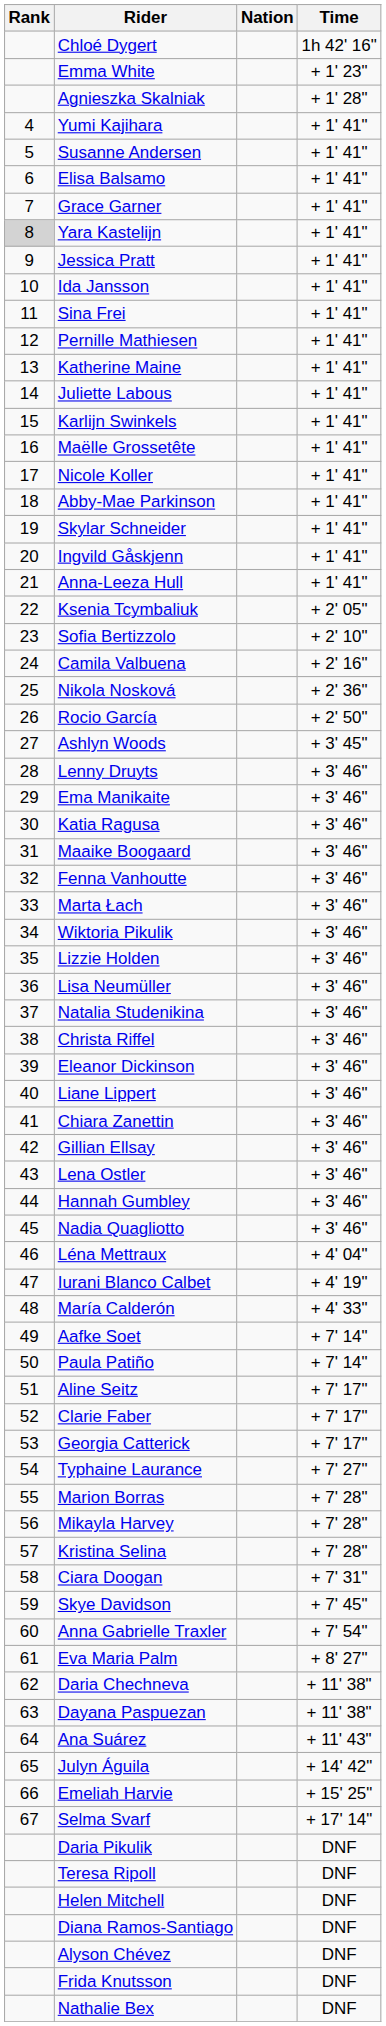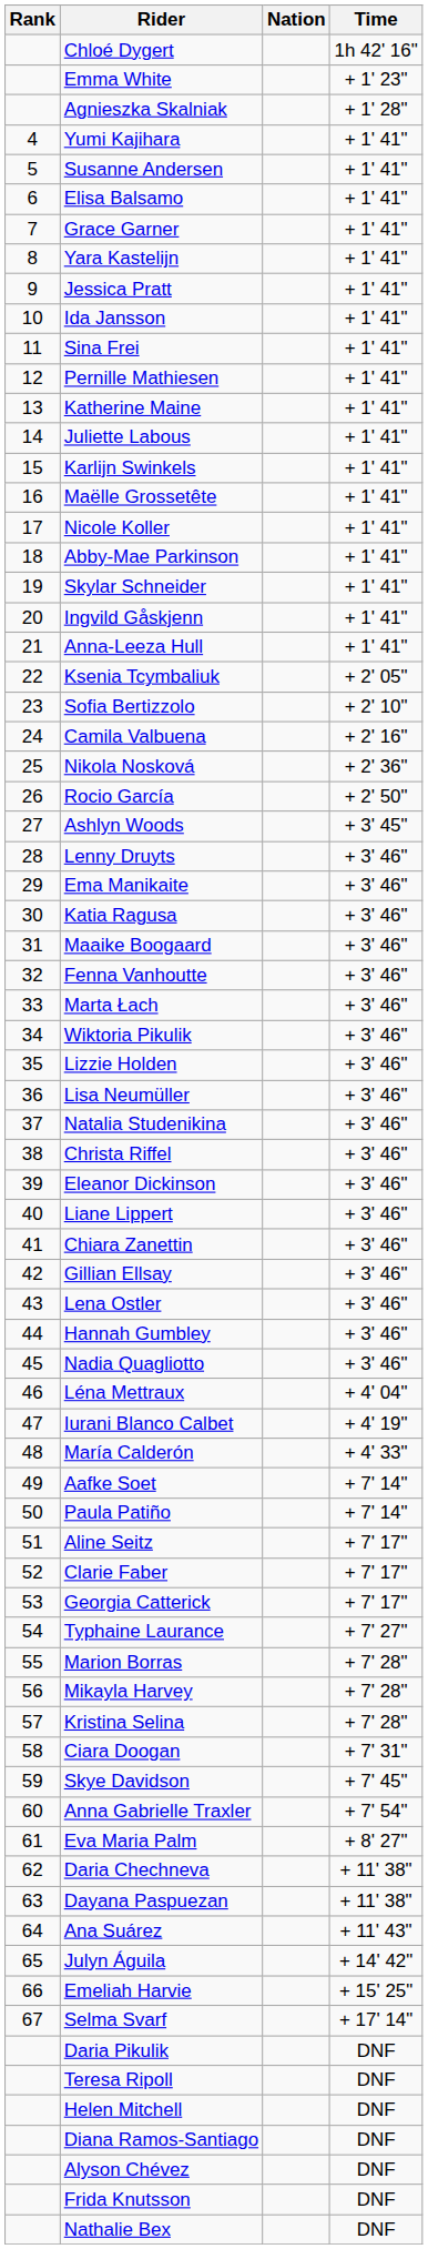 <table class="wikitable">
 <tr>
 <th>Rank</th>
 <th>Rider</th>
 <th>Nation</th>
 <th>Time</th>
 </tr>
 <tr>
 <td align="center"></td>
 <td><a href='#'>Chloé Dygert</a></td>
 <td></td>
 <td align="center">1h 42' 16"</td>
 </tr>
 <tr>
 <td align="center"></td>
 <td><a href='#'>Emma White</a></td>
 <td></td>
 <td align="center">+ 1' 23"</td>
 </tr>
 <tr>
 <td align="center"></td>
 <td><a href='#'>Agnieszka Skalniak</a></td>
 <td></td>
 <td align="center">+ 1' 28"</td>
 </tr>
 <tr>
 <td align="center">4</td>
 <td><a href='#'>Yumi Kajihara</a></td>
 <td></td>
 <td align="center">+ 1' 41"</td>
 </tr>
 <tr>
 <td align="center">5</td>
 <td><a href='#'>Susanne Andersen</a></td>
 <td></td>
 <td align="center">+ 1' 41"</td>
 </tr>
 <tr>
 <td align="center">6</td>
 <td><a href='#'>Elisa Balsamo</a></td>
 <td></td>
 <td align="center">+ 1' 41"</td>
 </tr>
 <tr>
 <td align="center">7</td>
 <td><a href='#'>Grace Garner</a></td>
 <td></td>
 <td align="center">+ 1' 41"</td>
 </tr>
 <tr>
-<td align="center" style="background: lightgrey;">8</td>
+<td align="center">8</td>
 <td><a href='#'>Yara Kastelijn</a></td>
 <td></td>
 <td align="center">+ 1' 41"</td>
 </tr>
 <tr>
 <td align="center">9</td>
 <td><a href='#'>Jessica Pratt</a></td>
 <td></td>
 <td align="center">+ 1' 41"</td>
 </tr>
 <tr>
 <td align="center">10</td>
 <td><a href='#'>Ida Jansson</a></td>
 <td></td>
 <td align="center">+ 1' 41"</td>
 </tr>
 <tr>
 <td align="center">11</td>
 <td><a href='#'>Sina Frei</a></td>
 <td></td>
 <td align="center">+ 1' 41"</td>
 </tr>
 <tr>
 <td align="center">12</td>
 <td><a href='#'>Pernille Mathiesen</a></td>
 <td></td>
 <td align="center">+ 1' 41"</td>
 </tr>
 <tr>
 <td align="center">13</td>
 <td><a href='#'>Katherine Maine</a></td>
 <td></td>
 <td align="center">+ 1' 41"</td>
 </tr>
 <tr>
 <td align="center">14</td>
 <td><a href='#'>Juliette Labous</a></td>
 <td></td>
 <td align="center">+ 1' 41"</td>
 </tr>
 <tr>
 <td align="center">15</td>
 <td><a href='#'>Karlijn Swinkels</a></td>
 <td></td>
 <td align="center">+ 1' 41"</td>
 </tr>
 <tr>
 <td align="center">16</td>
 <td><a href='#'>Maëlle Grossetête</a></td>
 <td></td>
 <td align="center">+ 1' 41"</td>
 </tr>
 <tr>
 <td align="center">17</td>
 <td><a href='#'>Nicole Koller</a></td>
 <td></td>
 <td align="center">+ 1' 41"</td>
 </tr>
 <tr>
 <td align="center">18</td>
 <td><a href='#'>Abby-Mae Parkinson</a></td>
 <td></td>
 <td align="center">+ 1' 41"</td>
 </tr>
 <tr>
 <td align="center">19</td>
 <td><a href='#'>Skylar Schneider</a></td>
 <td></td>
 <td align="center">+ 1' 41"</td>
 </tr>
 <tr>
 <td align="center">20</td>
 <td><a href='#'>Ingvild Gåskjenn</a></td>
 <td></td>
 <td align="center">+ 1' 41"</td>
 </tr>
 <tr>
 <td align="center">21</td>
 <td><a href='#'>Anna-Leeza Hull</a></td>
 <td></td>
 <td align="center">+ 1' 41"</td>
 </tr>
 <tr>
 <td align="center">22</td>
 <td><a href='#'>Ksenia Tcymbaliuk</a></td>
 <td></td>
 <td align="center">+ 2' 05"</td>
 </tr>
 <tr>
 <td align="center">23</td>
 <td><a href='#'>Sofia Bertizzolo</a></td>
 <td></td>
 <td align="center">+ 2' 10"</td>
 </tr>
 <tr>
 <td align="center">24</td>
 <td><a href='#'>Camila Valbuena</a></td>
 <td></td>
 <td align="center">+ 2' 16"</td>
 </tr>
 <tr>
 <td align="center">25</td>
 <td><a href='#'>Nikola Nosková</a></td>
 <td></td>
 <td align="center">+ 2' 36"</td>
 </tr>
 <tr>
 <td align="center">26</td>
 <td><a href='#'>Rocio García</a></td>
 <td></td>
 <td align="center">+ 2' 50"</td>
 </tr>
 <tr>
 <td align="center">27</td>
 <td><a href='#'>Ashlyn Woods</a></td>
 <td></td>
 <td align="center">+ 3' 45"</td>
 </tr>
 <tr>
 <td align="center">28</td>
 <td><a href='#'>Lenny Druyts</a></td>
 <td></td>
 <td align="center">+ 3' 46"</td>
 </tr>
 <tr>
 <td align="center">29</td>
 <td><a href='#'>Ema Manikaite</a></td>
 <td></td>
 <td align="center">+ 3' 46"</td>
 </tr>
 <tr>
 <td align="center">30</td>
 <td><a href='#'>Katia Ragusa</a></td>
 <td></td>
 <td align="center">+ 3' 46"</td>
 </tr>
 <tr>
 <td align="center">31</td>
 <td><a href='#'>Maaike Boogaard</a></td>
 <td></td>
 <td align="center">+ 3' 46"</td>
 </tr>
 <tr>
 <td align="center">32</td>
 <td><a href='#'>Fenna Vanhoutte</a></td>
 <td></td>
 <td align="center">+ 3' 46"</td>
 </tr>
 <tr>
 <td align="center">33</td>
 <td><a href='#'>Marta Łach</a></td>
 <td></td>
 <td align="center">+ 3' 46"</td>
 </tr>
 <tr>
 <td align="center">34</td>
 <td><a href='#'>Wiktoria Pikulik</a></td>
 <td></td>
 <td align="center">+ 3' 46"</td>
 </tr>
 <tr>
 <td align="center">35</td>
 <td><a href='#'>Lizzie Holden</a></td>
 <td></td>
 <td align="center">+ 3' 46"</td>
 </tr>
 <tr>
 <td align="center">36</td>
 <td><a href='#'>Lisa Neumüller</a></td>
 <td></td>
 <td align="center">+ 3' 46"</td>
 </tr>
 <tr>
 <td align="center">37</td>
 <td><a href='#'>Natalia Studenikina</a></td>
 <td></td>
 <td align="center">+ 3' 46"</td>
 </tr>
 <tr>
 <td align="center">38</td>
 <td><a href='#'>Christa Riffel</a></td>
 <td></td>
 <td align="center">+ 3' 46"</td>
 </tr>
 <tr>
 <td align="center">39</td>
 <td><a href='#'>Eleanor Dickinson</a></td>
 <td></td>
 <td align="center">+ 3' 46"</td>
 </tr>
 <tr>
 <td align="center">40</td>
 <td><a href='#'>Liane Lippert</a></td>
 <td></td>
 <td align="center">+ 3' 46"</td>
 </tr>
 <tr>
 <td align="center">41</td>
 <td><a href='#'>Chiara Zanettin</a></td>
 <td></td>
 <td align="center">+ 3' 46"</td>
 </tr>
 <tr>
 <td align="center">42</td>
 <td><a href='#'>Gillian Ellsay</a></td>
 <td></td>
 <td align="center">+ 3' 46"</td>
 </tr>
 <tr>
 <td align="center">43</td>
 <td><a href='#'>Lena Ostler</a></td>
 <td></td>
 <td align="center">+ 3' 46"</td>
 </tr>
 <tr>
 <td align="center">44</td>
 <td><a href='#'>Hannah Gumbley</a></td>
 <td></td>
 <td align="center">+ 3' 46"</td>
 </tr>
 <tr>
 <td align="center">45</td>
 <td><a href='#'>Nadia Quagliotto</a></td>
 <td></td>
 <td align="center">+ 3' 46"</td>
 </tr>
 <tr>
 <td align="center">46</td>
 <td><a href='#'>Léna Mettraux</a></td>
 <td></td>
 <td align="center">+ 4' 04"</td>
 </tr>
 <tr>
 <td align="center">47</td>
 <td><a href='#'>Iurani Blanco Calbet</a></td>
 <td></td>
 <td align="center">+ 4' 19"</td>
 </tr>
 <tr>
 <td align="center">48</td>
 <td><a href='#'>María Calderón</a></td>
 <td></td>
 <td align="center">+ 4' 33"</td>
 </tr>
 <tr>
 <td align="center">49</td>
 <td><a href='#'>Aafke Soet</a></td>
 <td></td>
 <td align="center">+ 7' 14"</td>
 </tr>
 <tr>
 <td align="center">50</td>
 <td><a href='#'>Paula Patiño</a></td>
 <td></td>
 <td align="center">+ 7' 14"</td>
 </tr>
 <tr>
 <td align="center">51</td>
 <td><a href='#'>Aline Seitz</a></td>
 <td></td>
 <td align="center">+ 7' 17"</td>
 </tr>
 <tr>
 <td align="center">52</td>
 <td><a href='#'>Clarie Faber</a></td>
 <td></td>
 <td align="center">+ 7' 17"</td>
 </tr>
 <tr>
 <td align="center">53</td>
 <td><a href='#'>Georgia Catterick</a></td>
 <td></td>
 <td align="center">+ 7' 17"</td>
 </tr>
 <tr>
 <td align="center">54</td>
 <td><a href='#'>Typhaine Laurance</a></td>
 <td></td>
 <td align="center">+ 7' 27"</td>
 </tr>
 <tr>
 <td align="center">55</td>
 <td><a href='#'>Marion Borras</a></td>
 <td></td>
 <td align="center">+ 7' 28"</td>
 </tr>
 <tr>
 <td align="center">56</td>
 <td><a href='#'>Mikayla Harvey</a></td>
 <td></td>
 <td align="center">+ 7' 28"</td>
 </tr>
 <tr>
 <td align="center">57</td>
 <td><a href='#'>Kristina Selina</a></td>
 <td></td>
 <td align="center">+ 7' 28"</td>
 </tr>
 <tr>
 <td align="center">58</td>
 <td><a href='#'>Ciara Doogan</a></td>
 <td></td>
 <td align="center">+ 7' 31"</td>
 </tr>
 <tr>
 <td align="center">59</td>
 <td><a href='#'>Skye Davidson</a></td>
 <td></td>
 <td align="center">+ 7' 45"</td>
 </tr>
 <tr>
 <td align="center">60</td>
 <td><a href='#'>Anna Gabrielle Traxler</a></td>
 <td></td>
 <td align="center">+ 7' 54"</td>
 </tr>
 <tr>
 <td align="center">61</td>
 <td><a href='#'>Eva Maria Palm</a></td>
 <td></td>
 <td align="center">+ 8' 27"</td>
 </tr>
 <tr>
 <td align="center">62</td>
 <td><a href='#'>Daria Chechneva</a></td>
 <td></td>
 <td align="center">+ 11' 38"</td>
 </tr>
 <tr>
 <td align="center">63</td>
 <td><a href='#'>Dayana Paspuezan</a></td>
 <td></td>
 <td align="center">+ 11' 38"</td>
 </tr>
 <tr>
 <td align="center">64</td>
 <td><a href='#'>Ana Suárez</a></td>
 <td></td>
 <td align="center">+ 11' 43"</td>
 </tr>
 <tr>
 <td align="center">65</td>
 <td><a href='#'>Julyn Águila</a></td>
 <td></td>
 <td align="center">+ 14' 42"</td>
 </tr>
 <tr>
 <td align="center">66</td>
 <td><a href='#'>Emeliah Harvie</a></td>
 <td></td>
 <td align="center">+ 15' 25"</td>
 </tr>
 <tr>
 <td align="center">67</td>
 <td><a href='#'>Selma Svarf</a></td>
 <td></td>
 <td align="center">+ 17' 14"</td>
 </tr>
 <tr>
 <td align="center"></td>
 <td><a href='#'>Daria Pikulik</a></td>
 <td></td>
 <td align="center">DNF</td>
 </tr>
 <tr>
 <td align="center"></td>
 <td><a href='#'>Teresa Ripoll</a></td>
 <td></td>
 <td align="center">DNF</td>
 </tr>
 <tr>
 <td align="center"></td>
 <td><a href='#'>Helen Mitchell</a></td>
 <td></td>
 <td align="center">DNF</td>
 </tr>
 <tr>
 <td align="center"></td>
 <td><a href='#'>Diana Ramos-Santiago</a></td>
 <td></td>
 <td align="center">DNF</td>
 </tr>
 <tr>
 <td align="center"></td>
 <td><a href='#'>Alyson Chévez</a></td>
 <td></td>
 <td align="center">DNF</td>
 </tr>
 <tr>
 <td align="center"></td>
 <td><a href='#'>Frida Knutsson</a></td>
 <td></td>
 <td align="center">DNF</td>
 </tr>
 <tr>
 <td align="center"></td>
 <td><a href='#'>Nathalie Bex</a></td>
 <td></td>
 <td align="center">DNF</td>
 </tr>
 </table>
